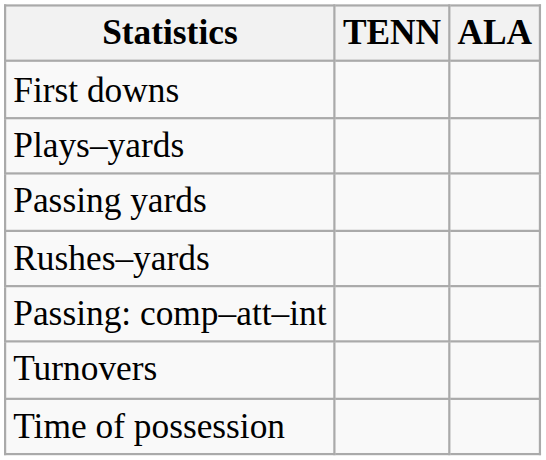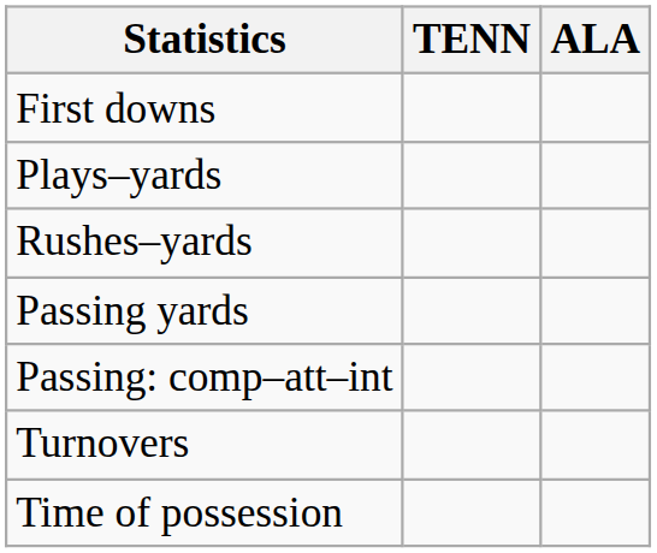 <table class="wikitable" style="float:left">
 <tr>
 <th>Statistics</th>
 <th>TENN</th>
 <th>ALA</th>
 </tr>
 <tr>
 <td>First downs</td>
 <td></td>
 <td></td>
 </tr>
 <tr>
 <td>Plays–yards</td>
 <td></td>
 <td></td>
 </tr>
 <tr>
-<td>Passing yards</td>
+<td>Rushes–yards</td>
 <td></td>
 <td></td>
 </tr>
 <tr>
-<td>Rushes–yards</td>
+<td>Passing yards</td>
 <td></td>
 <td></td>
 </tr>
 <tr>
 <td>Passing: comp–att–int</td>
 <td></td>
 <td></td>
 </tr>
 <tr>
 <td>Turnovers</td>
 <td></td>
 <td></td>
 </tr>
 <tr>
 <td>Time of possession</td>
 <td></td>
 <td></td>
 </tr>
 </table>
